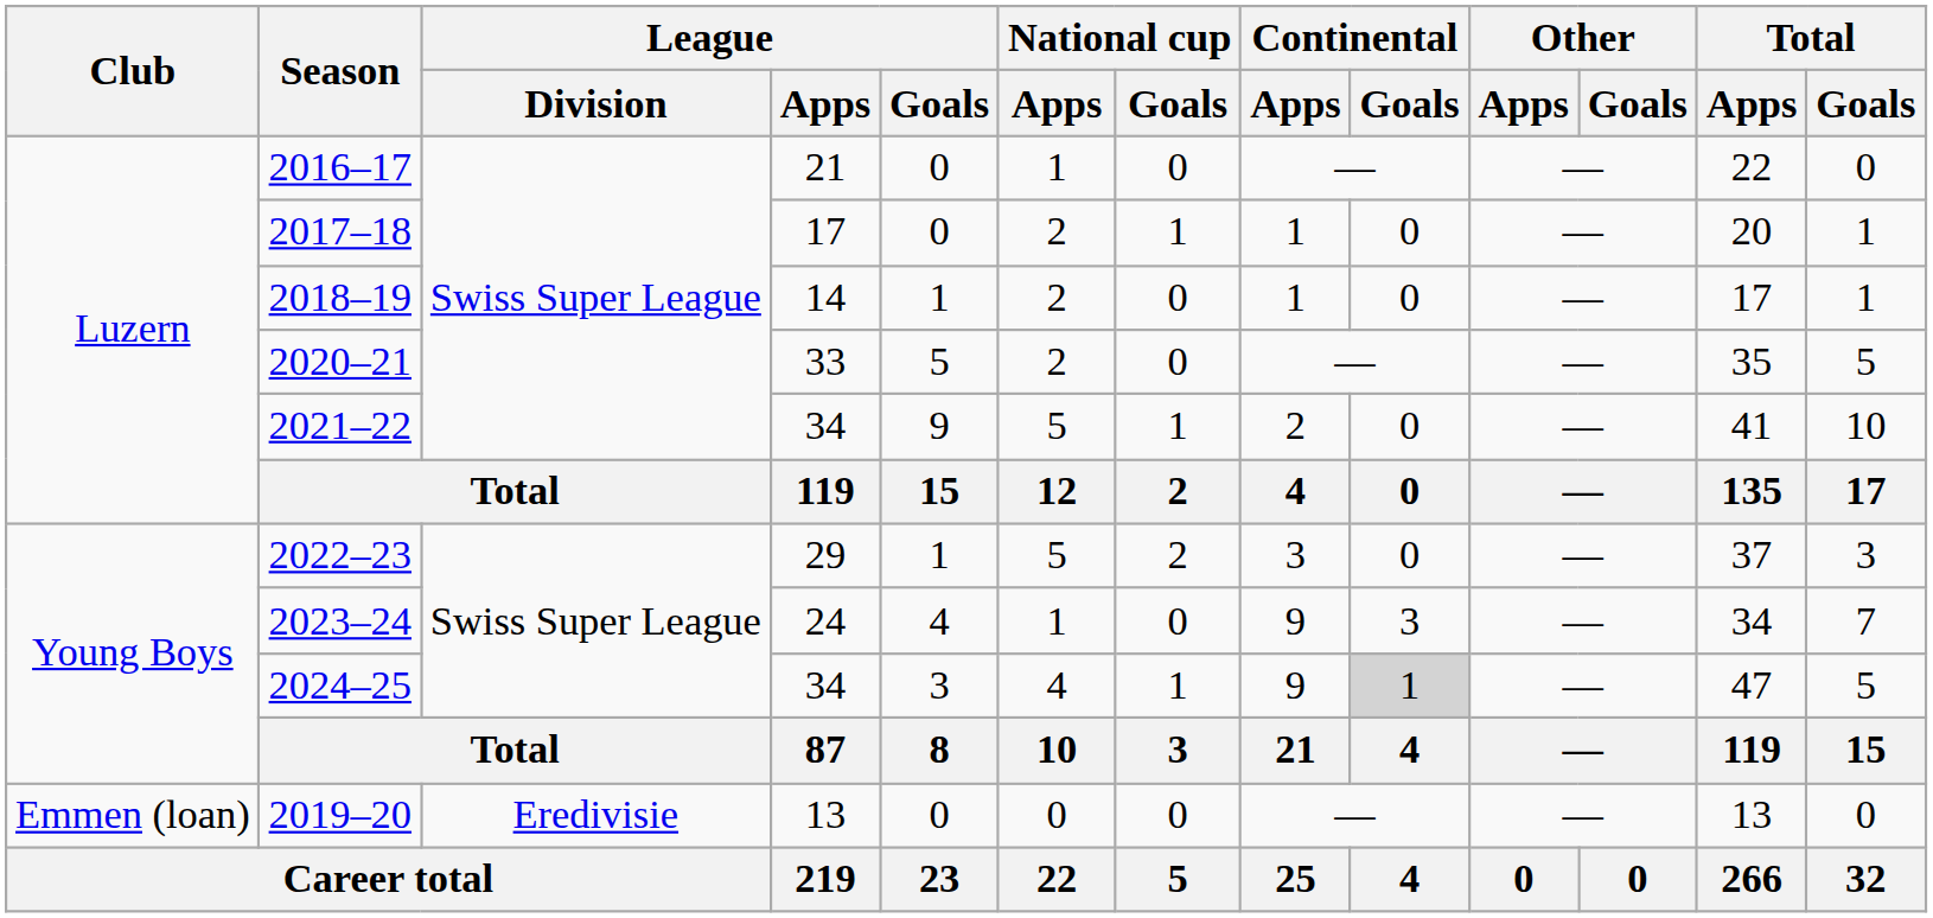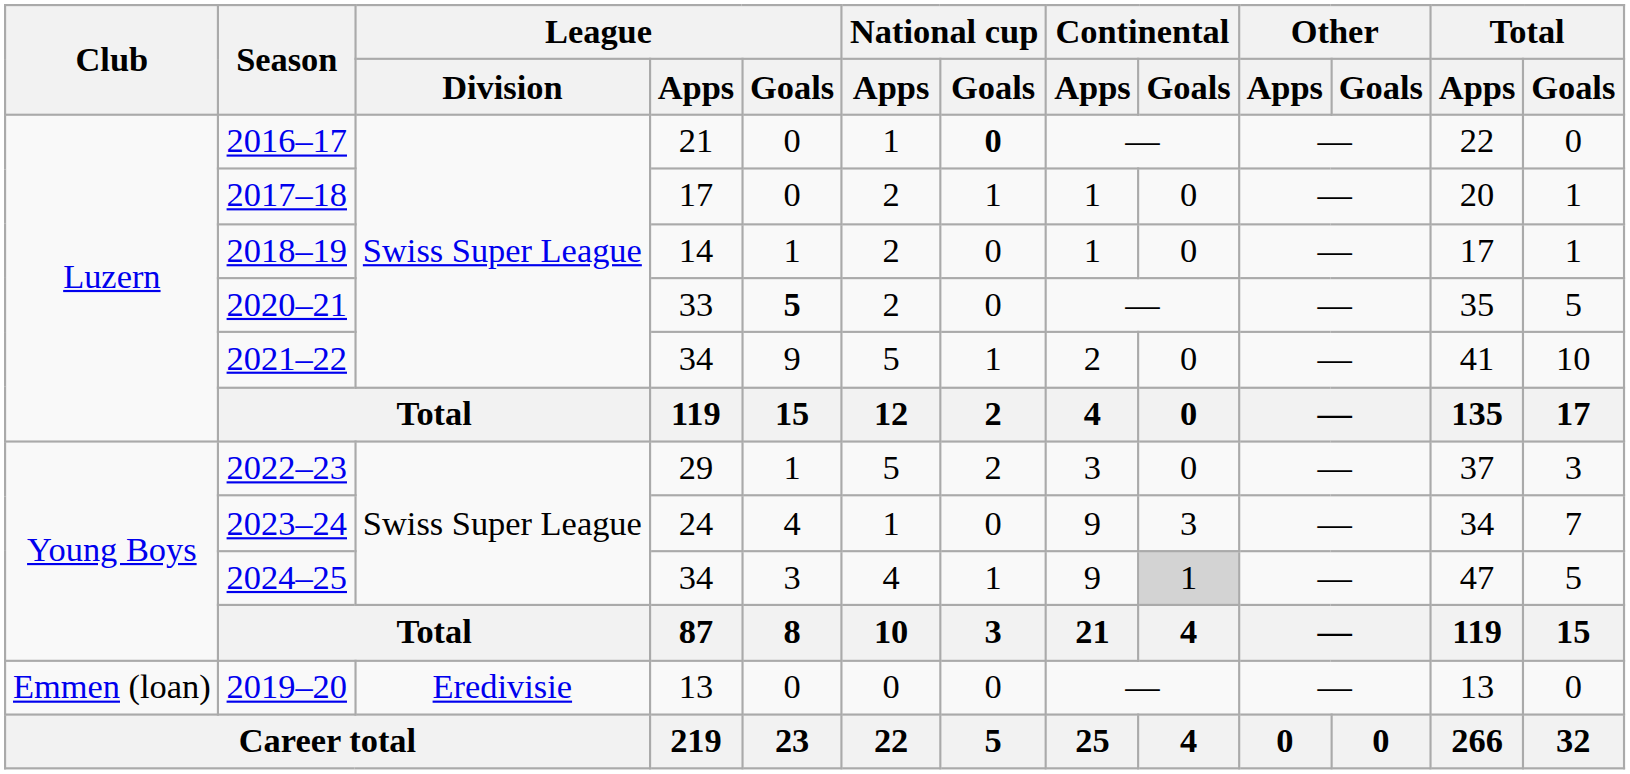 <table class="wikitable" style="text-align:center">
 <tr>
 <th rowspan="2">Club</th>
 <th rowspan="2">Season</th>
 <th colspan="3">League</th>
 <th colspan="2">National cup</th>
 <th colspan="2">Continental</th>
 <th colspan="2">Other</th>
 <th colspan="2">Total</th>
 </tr>
 <tr>
 <th>Division</th>
 <th>Apps</th>
 <th>Goals</th>
 <th>Apps</th>
 <th>Goals</th>
 <th>Apps</th>
 <th>Goals</th>
 <th>Apps</th>
 <th>Goals</th>
 <th>Apps</th>
 <th>Goals</th>
 </tr>
 <tr>
 <td rowspan="6"><a href='#'>Luzern</a></td>
 <td><a href='#'>2016–17</a></td>
 <td rowspan="5"><a href='#'>Swiss Super League</a></td>
 <td>21</td>
 <td>0</td>
 <td>1</td>
-<td>0</td>
+<td><strong>0</strong></td>
 <td colspan="2">—</td>
 <td colspan="2">—</td>
 <td>22</td>
 <td>0</td>
 </tr>
 <tr>
 <td><a href='#'>2017–18</a></td>
 <td>17</td>
 <td>0</td>
 <td>2</td>
 <td>1</td>
 <td>1</td>
 <td>0</td>
 <td colspan="2">—</td>
 <td>20</td>
 <td>1</td>
 </tr>
 <tr>
 <td><a href='#'>2018–19</a></td>
 <td>14</td>
 <td>1</td>
 <td>2</td>
 <td>0</td>
 <td>1</td>
 <td>0</td>
 <td colspan="2">—</td>
 <td>17</td>
 <td>1</td>
 </tr>
 <tr>
 <td><a href='#'>2020–21</a></td>
 <td>33</td>
-<td>5</td>
+<td><strong>5</strong></td>
 <td>2</td>
 <td>0</td>
 <td colspan="2">—</td>
 <td colspan="2">—</td>
 <td>35</td>
 <td>5</td>
 </tr>
 <tr>
 <td><a href='#'>2021–22</a></td>
 <td>34</td>
 <td>9</td>
 <td>5</td>
 <td>1</td>
 <td>2</td>
 <td>0</td>
 <td colspan="2">—</td>
 <td>41</td>
 <td>10</td>
 </tr>
 <tr>
 <th colspan="2">Total</th>
 <th>119</th>
 <th>15</th>
 <th>12</th>
 <th>2</th>
 <th>4</th>
 <th>0</th>
 <th colspan="2">—</th>
 <th>135</th>
 <th>17</th>
 </tr>
 <tr>
 <td rowspan="4"><a href='#'>Young Boys</a></td>
 <td><a href='#'>2022–23</a></td>
 <td rowspan="3">Swiss Super League</td>
 <td>29</td>
 <td>1</td>
 <td>5</td>
 <td>2</td>
 <td>3</td>
 <td>0</td>
 <td colspan="2">—</td>
 <td>37</td>
 <td>3</td>
 </tr>
 <tr>
 <td><a href='#'>2023–24</a></td>
 <td>24</td>
 <td>4</td>
 <td>1</td>
 <td>0</td>
 <td>9</td>
 <td>3</td>
 <td colspan="2">—</td>
 <td>34</td>
 <td>7</td>
 </tr>
 <tr>
 <td><a href='#'>2024–25</a></td>
 <td>34</td>
 <td>3</td>
 <td>4</td>
 <td>1</td>
 <td>9</td>
 <td style="background: lightgrey;">1</td>
 <td colspan="2">—</td>
 <td>47</td>
 <td>5</td>
 </tr>
 <tr>
 <th colspan="2">Total</th>
 <th>87</th>
 <th>8</th>
 <th>10</th>
 <th>3</th>
 <th>21</th>
 <th>4</th>
 <th colspan="2">—</th>
 <th>119</th>
 <th>15</th>
 </tr>
 <tr>
 <td><a href='#'>Emmen</a> (loan)</td>
 <td><a href='#'>2019–20</a></td>
 <td><a href='#'>Eredivisie</a></td>
 <td>13</td>
 <td>0</td>
 <td>0</td>
 <td>0</td>
 <td colspan="2">—</td>
 <td colspan="2">—</td>
 <td>13</td>
 <td>0</td>
 </tr>
 <tr>
 <th colspan="3">Career total</th>
 <th>219</th>
 <th>23</th>
 <th>22</th>
 <th>5</th>
 <th>25</th>
 <th>4</th>
 <th>0</th>
 <th>0</th>
 <th>266</th>
 <th>32</th>
 </tr>
 </table>
